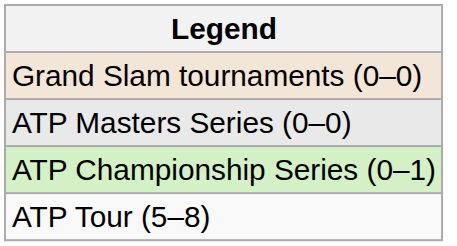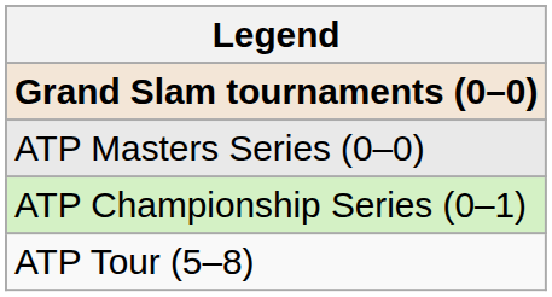 <table class=wikitable style=font-size:95%>
 <tr>
 <th>Legend</th>
 </tr>
 <tr style="background:#f3e6d7;">
-<td>Grand Slam tournaments (0–0)</td>
+<td><strong>Grand Slam tournaments (0–0)</strong></td>
 </tr>
 <tr style="background:#e9e9e9;">
 <td>ATP Masters Series (0–0)</td>
 </tr>
 <tr style="background:#d4f1c5;">
 <td>ATP Championship Series (0–1)</td>
 </tr>
 <tr>
 <td>ATP Tour (5–8)</td>
 </tr>
 </table>
